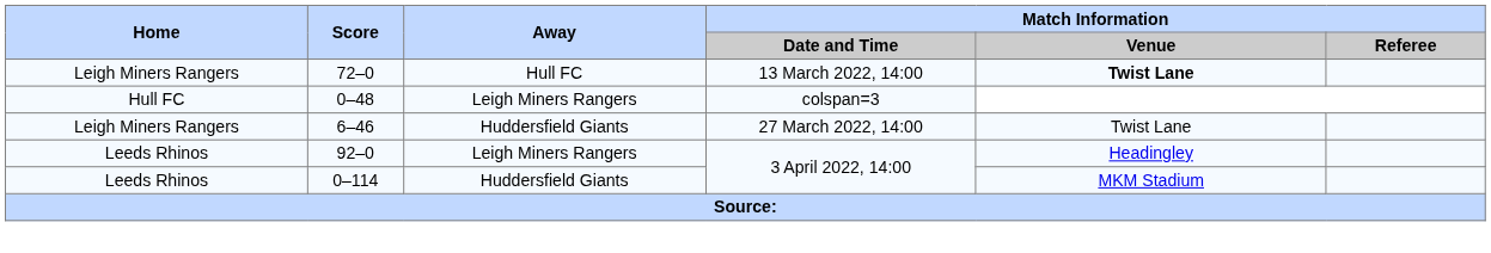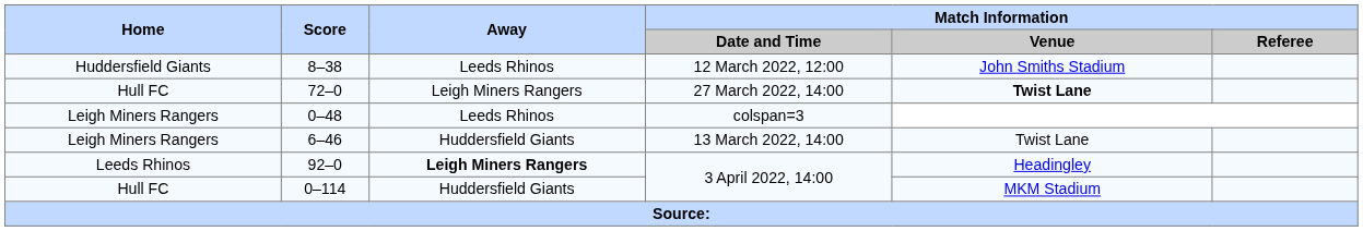 <table border=1 style="border-collapse:collapse; font-size:90%; text-align:center;" cellpadding=3 cellspacing=0 width=100%>
 <tr bgcolor=#C1D8FF>
 <th scope="col" rowspan=2 width=19%>Home</th>
 <th scope="col" rowspan=2 width=6%>Score</th>
 <th scope="col" rowspan=2 width=19%>Away</th>
 <th colspan=3>Match Information</th>
 </tr>
 <tr bgcolor=#CCCCCC>
 <th scope="col" width=17%>Date and Time</th>
 <th scope="col" width=22%>Venue</th>
 <th scope="col" width=10%>Referee</th>
 </tr>
 <tr bgcolor=#F5FAFF>
+<td>Huddersfield Giants</td>
+<td>8–38</td>
+<td>Leeds Rhinos</td>
+<td>12 March 2022, 12:00</td>
+<td><a href='#'>John Smiths Stadium</a></td>
+<td></td>
+</tr>
+<tr bgcolor=#F5FAFF>
+<td>Hull FC</td>
+<td>72–0</td>
 <td>Leigh Miners Rangers</td>
-<td>72–0</td>
-<td>Hull FC</td>
-<td>13 March 2022, 14:00</td>
+<td>27 March 2022, 14:00</td>
 <td><strong>Twist Lane</strong></td>
 <td></td>
 </tr>
 <tr bgcolor=#F5FAFF>
-<td>Hull FC</td>
+<td>Leigh Miners Rangers</td>
 <td>0–48</td>
-<td>Leigh Miners Rangers</td>
+<td>Leeds Rhinos</td>
 <td>colspan=3 </td>
 </tr>
 <tr bgcolor=#F5FAFF>
 <td>Leigh Miners Rangers</td>
 <td>6–46</td>
 <td>Huddersfield Giants</td>
-<td>27 March 2022, 14:00</td>
+<td>13 March 2022, 14:00</td>
 <td>Twist Lane</td>
 <td></td>
 </tr>
 <tr bgcolor=#F5FAFF>
 <td>Leeds Rhinos</td>
 <td>92–0</td>
-<td>Leigh Miners Rangers</td>
+<td><strong>Leigh Miners Rangers</strong></td>
 <td rowspan=2>3 April 2022, 14:00</td>
 <td><a href='#'>Headingley</a></td>
 <td></td>
 </tr>
 <tr bgcolor=#F5FAFF>
-<td>Leeds Rhinos</td>
+<td>Hull FC</td>
 <td>0–114</td>
 <td>Huddersfield Giants</td>
 <td><a href='#'>MKM Stadium</a></td>
 <td></td>
 </tr>
 <tr style="background:#c1d8ff;">
 <th colspan=6>Source:</th>
 </tr>
 </table>
